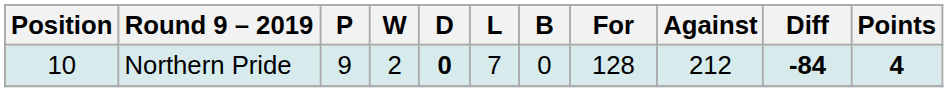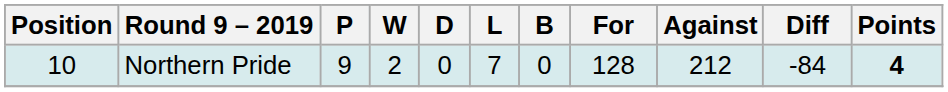 <table class="wikitable" style="text-align:center; font-size:85%;">
 <tr style="background: #d7ebed;">
 <th width="40" abbr="Position">Position</th>
 <th width="100">Round 9 – 2019</th>
 <th width="20" abbr="Played">P</th>
 <th width="20" abbr="Won">W</th>
 <th width="20" abbr="Drawn">D</th>
 <th width="20" abbr="Lost">L</th>
 <th width="20" abbr="Bye">B</th>
 <th width="40" abbr="Points for">For</th>
 <th width="40" abbr="Points against">Against</th>
 <th width="40" abbr="Points difference">Diff</th>
 <th width="40" abbr="Points">Points</th>
 </tr>
 <tr style="background: #d7ebed;">
 <td>10</td>
 <td style="text-align:left;"> Northern Pride</td>
 <td>9</td>
 <td>2</td>
-<td><strong>0</strong></td>
+<td>0</td>
 <td>7</td>
 <td>0</td>
 <td>128</td>
 <td>212</td>
-<td><strong>-84</strong></td>
+<td>-84</td>
 <td><strong>4</strong></td>
 </tr>
 <tr>
 </tr>
 </table>
